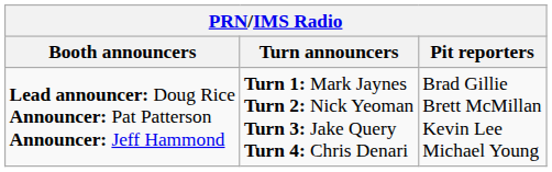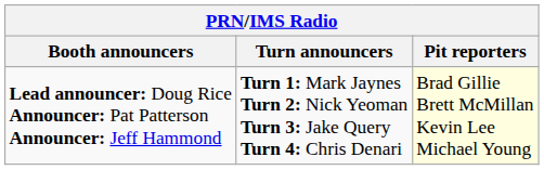 <table class="wikitable" style="font-size: 95%">
 <tr>
 <th colspan="3"><a href='#'>PRN</a>/<a href='#'>IMS Radio</a></th>
 </tr>
 <tr>
 <th>Booth announcers</th>
 <th>Turn announcers</th>
 <th>Pit reporters</th>
 </tr>
 <tr>
 <td><strong>Lead announcer:</strong> Doug Rice<br><strong>Announcer:</strong> Pat Patterson<br><strong>Announcer:</strong> <a href='#'>Jeff Hammond</a></td>
 <td><strong>Turn 1:</strong> Mark Jaynes <br><strong>Turn 2:</strong> Nick Yeoman<br><strong>Turn 3:</strong> Jake Query<br><strong>Turn 4:</strong> Chris Denari</td>
-<td>Brad Gillie<br>Brett McMillan<br>Kevin Lee<br>Michael Young</td>
+<td style="background: lightyellow;">Brad Gillie<br>Brett McMillan<br>Kevin Lee<br>Michael Young</td>
 </tr>
 </table>
